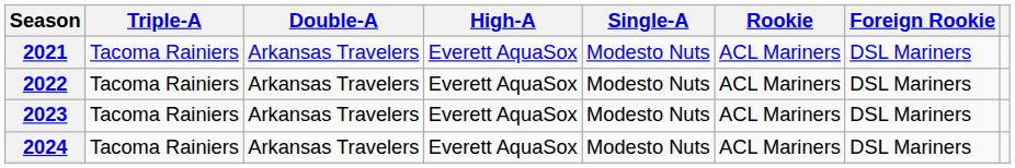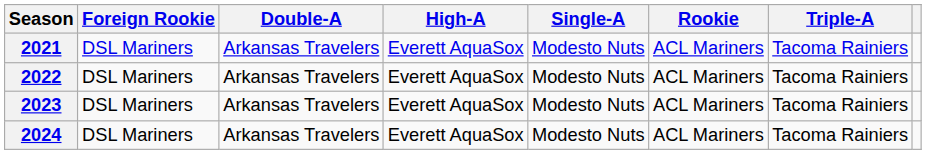 <table class="wikitable plainrowheaders">
 <tr>
 <th scope="col">Season</th>
-<th scope="col"><a href='#'><span>Triple-A</span></a></th>
+<th scope="col"><a href='#'><span>Foreign Rookie</span></a></th>
 <th scope="col"><a href='#'><span>Double-A</span></a></th>
 <th scope="col"><a href='#'><span>High-A</span></a></th>
 <th scope="col"><a href='#'><span>Single-A</span></a></th>
 <th scope="col"><a href='#'><span>Rookie</span></a></th>
-<th scope="col"><a href='#'><span>Foreign Rookie</span></a></th>
+<th scope="col"><a href='#'><span>Triple-A</span></a></th>
 <th scope="col"></th>
 </tr>
 <tr>
 <th scope="row" style="text-align:center"><a href='#'>2021</a></th>
-<td><a href='#'>Tacoma Rainiers</a></td>
+<td><a href='#'>DSL Mariners</a></td>
 <td><a href='#'>Arkansas Travelers</a></td>
 <td><a href='#'>Everett AquaSox</a></td>
 <td><a href='#'>Modesto Nuts</a></td>
 <td><a href='#'>ACL Mariners</a></td>
-<td><a href='#'>DSL Mariners</a></td>
+<td><a href='#'>Tacoma Rainiers</a></td>
 <td align="center"></td>
 </tr>
 <tr>
 <th scope="row" style="text-align:center"><a href='#'>2022</a></th>
-<td>Tacoma Rainiers</td>
+<td>DSL Mariners</td>
 <td>Arkansas Travelers</td>
 <td>Everett AquaSox</td>
 <td>Modesto Nuts</td>
 <td>ACL Mariners</td>
-<td>DSL Mariners</td>
+<td>Tacoma Rainiers</td>
 <td align="center"></td>
 </tr>
 <tr>
 <th scope="row" style="text-align:center"><a href='#'>2023</a></th>
-<td>Tacoma Rainiers</td>
+<td>DSL Mariners</td>
 <td>Arkansas Travelers</td>
 <td>Everett AquaSox</td>
 <td>Modesto Nuts</td>
 <td>ACL Mariners</td>
-<td>DSL Mariners</td>
+<td>Tacoma Rainiers</td>
 <td align="center"></td>
 </tr>
 <tr>
 <th scope="row" style="text-align:center"><a href='#'>2024</a></th>
-<td>Tacoma Rainiers</td>
+<td>DSL Mariners</td>
 <td>Arkansas Travelers</td>
 <td>Everett AquaSox</td>
 <td>Modesto Nuts</td>
 <td>ACL Mariners</td>
-<td>DSL Mariners</td>
+<td>Tacoma Rainiers</td>
 <td align="center"></td>
 </tr>
 </table>
